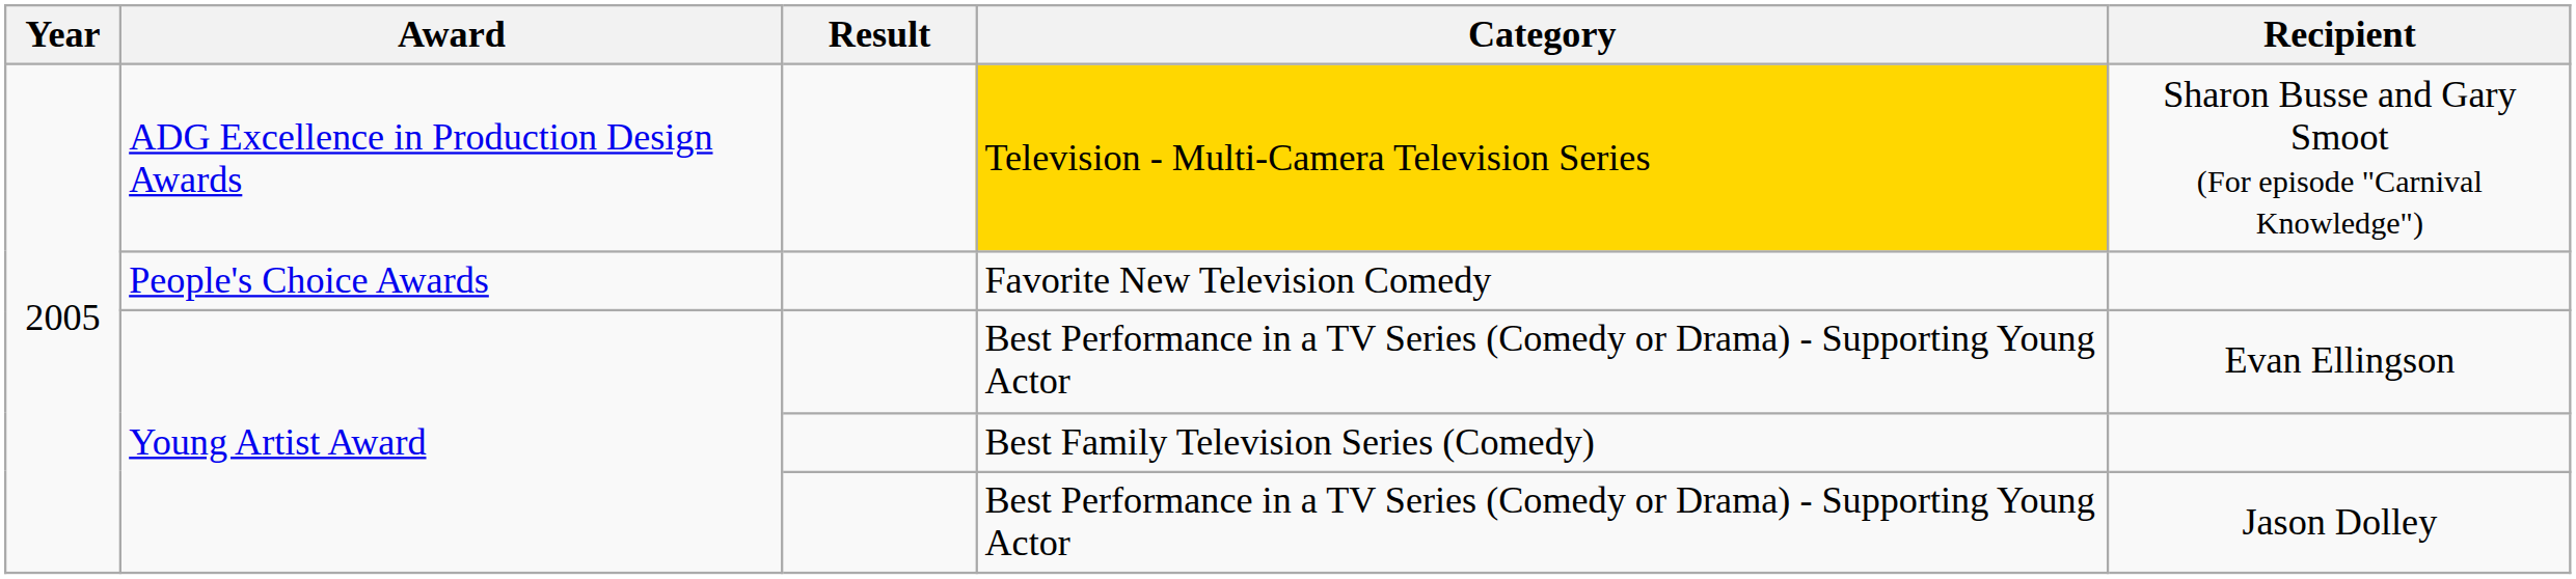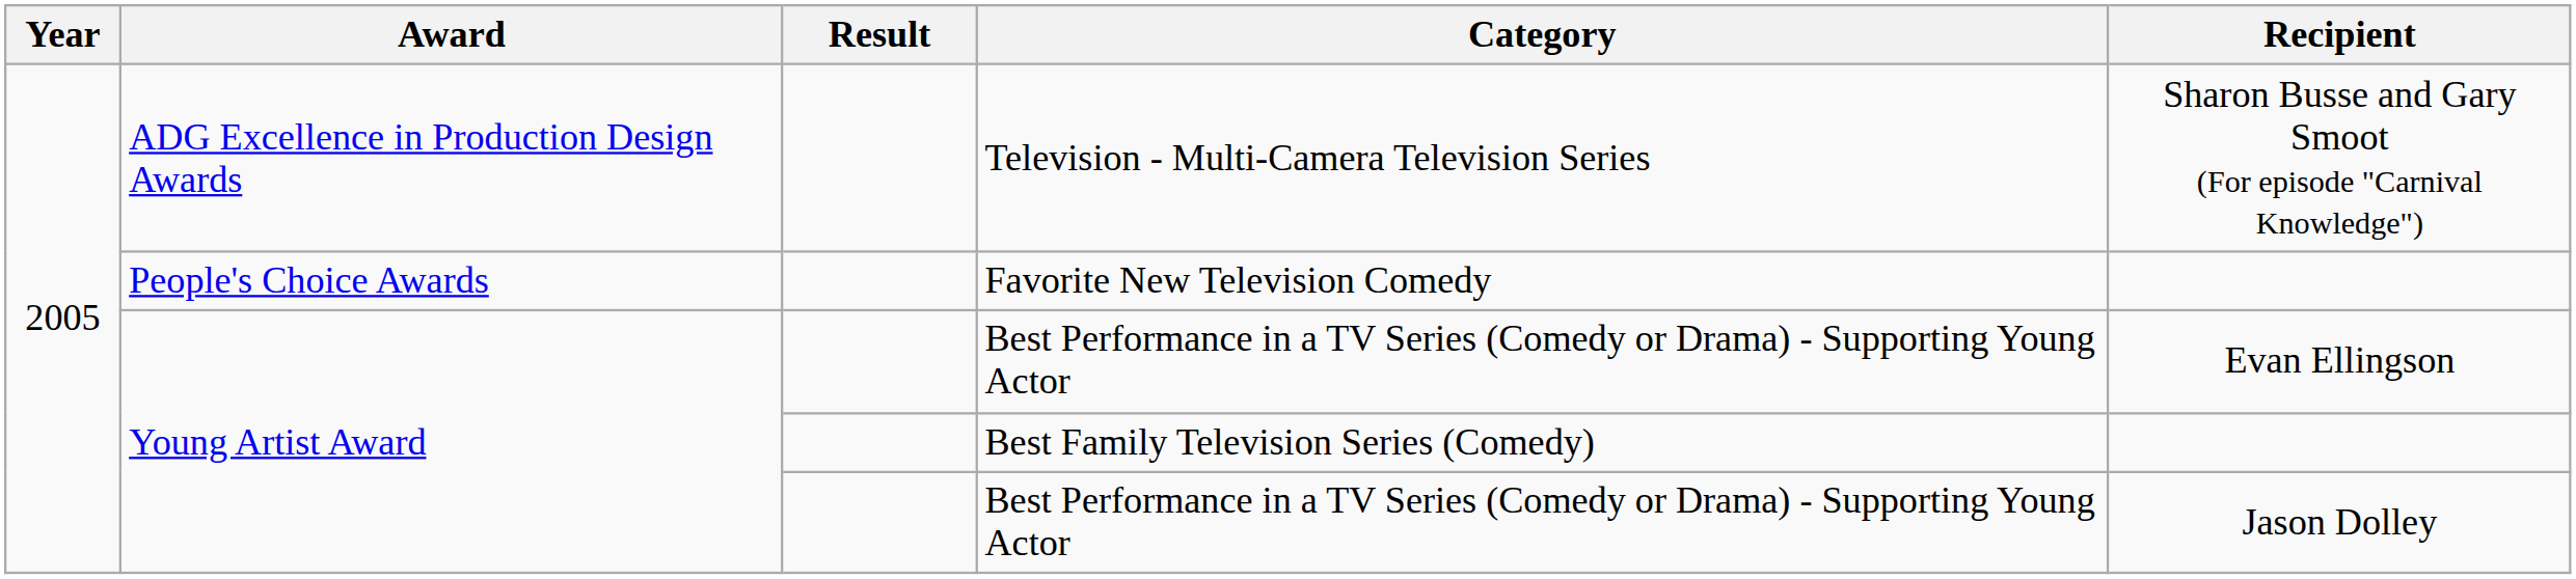 <table class="wikitable">
 <tr>
 <th style="padding: 0px 8px">Year</th>
 <th width="275px">Award</th>
 <th width="75px">Result</th>
 <th width="475px">Category</th>
 <th width="190px">Recipient</th>
 </tr>
 <tr>
 <td rowspan="5" align="center">2005</td>
 <td><a href='#'>ADG Excellence in Production Design Awards</a></td>
 <td></td>
-<td style="background: gold;">Television - Multi-Camera Television Series</td>
+<td>Television - Multi-Camera Television Series</td>
 <td align="center">Sharon Busse and Gary Smoot<br><small>(For episode "Carnival Knowledge")</small></td>
 </tr>
 <tr>
 <td><a href='#'>People's Choice Awards</a></td>
 <td></td>
 <td>Favorite New Television Comedy</td>
 <td></td>
 </tr>
 <tr>
 <td rowspan="3"><a href='#'>Young Artist Award</a></td>
 <td></td>
 <td>Best Performance in a TV Series (Comedy or Drama) - Supporting Young Actor</td>
 <td align="center">Evan Ellingson</td>
 </tr>
 <tr>
 <td></td>
 <td>Best Family Television Series (Comedy)</td>
 <td></td>
 </tr>
 <tr>
 <td></td>
 <td>Best Performance in a TV Series (Comedy or Drama) - Supporting Young Actor</td>
 <td align="center">Jason Dolley</td>
 </tr>
 </table>
